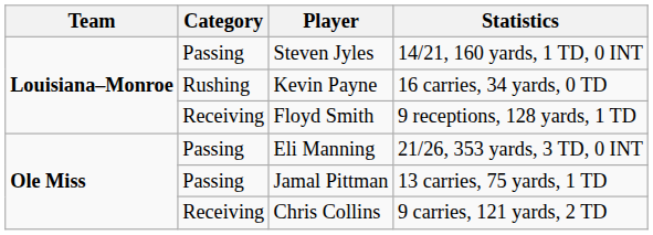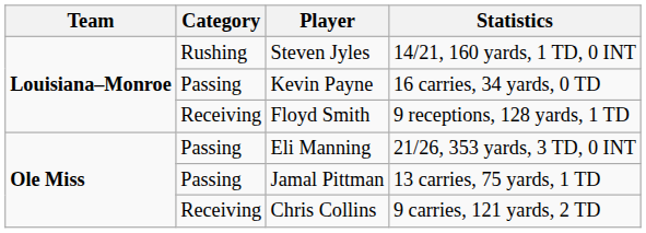 <table class="wikitable" style="float: right;">
 <tr>
 <th>Team</th>
 <th>Category</th>
 <th>Player</th>
 <th>Statistics</th>
 </tr>
 <tr>
 <td rowspan=3><strong>Louisiana–Monroe</strong></td>
-<td>Passing</td>
+<td>Rushing</td>
 <td>Steven Jyles</td>
 <td>14/21, 160 yards, 1 TD, 0 INT</td>
 </tr>
 <tr>
-<td>Rushing</td>
+<td>Passing</td>
 <td>Kevin Payne</td>
 <td>16 carries, 34 yards, 0 TD</td>
 </tr>
 <tr>
 <td>Receiving</td>
 <td>Floyd Smith</td>
 <td>9 receptions, 128 yards, 1 TD</td>
 </tr>
 <tr>
 <td rowspan=3><strong>Ole Miss</strong></td>
 <td>Passing</td>
 <td>Eli Manning</td>
 <td>21/26, 353 yards, 3 TD, 0 INT</td>
 </tr>
 <tr>
 <td>Passing</td>
 <td>Jamal Pittman</td>
 <td>13 carries, 75 yards, 1 TD</td>
 </tr>
 <tr>
 <td>Receiving</td>
 <td>Chris Collins</td>
 <td>9 carries, 121 yards, 2 TD</td>
 </tr>
 </table>
